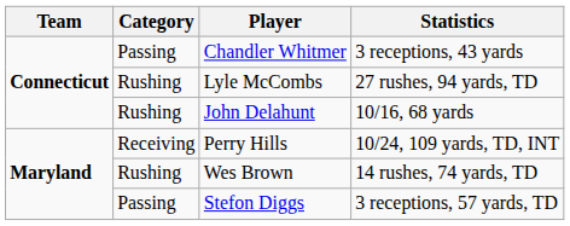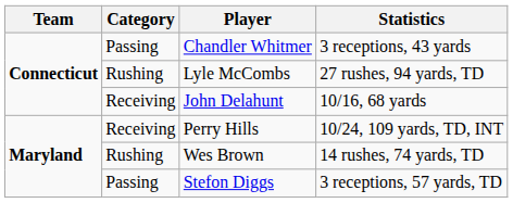 <table class="wikitable" style="float: left;">
 <tr>
 <th>Team</th>
 <th>Category</th>
 <th>Player</th>
 <th>Statistics</th>
 </tr>
 <tr>
 <td rowspan=3><strong>Connecticut</strong></td>
 <td>Passing</td>
 <td><a href='#'>Chandler Whitmer</a></td>
 <td>3 receptions, 43 yards</td>
 </tr>
 <tr>
 <td>Rushing</td>
 <td>Lyle McCombs</td>
 <td>27 rushes, 94 yards, TD</td>
 </tr>
 <tr>
-<td>Rushing</td>
+<td>Receiving</td>
 <td><a href='#'>John Delahunt</a></td>
 <td>10/16, 68 yards</td>
 </tr>
 <tr>
 <td rowspan=3><strong>Maryland</strong></td>
 <td>Receiving</td>
 <td>Perry Hills</td>
 <td>10/24, 109 yards, TD, INT</td>
 </tr>
 <tr>
 <td>Rushing</td>
 <td>Wes Brown</td>
 <td>14 rushes, 74 yards, TD</td>
 </tr>
 <tr>
 <td>Passing</td>
 <td><a href='#'>Stefon Diggs</a></td>
 <td>3 receptions, 57 yards, TD</td>
 </tr>
 </table>
